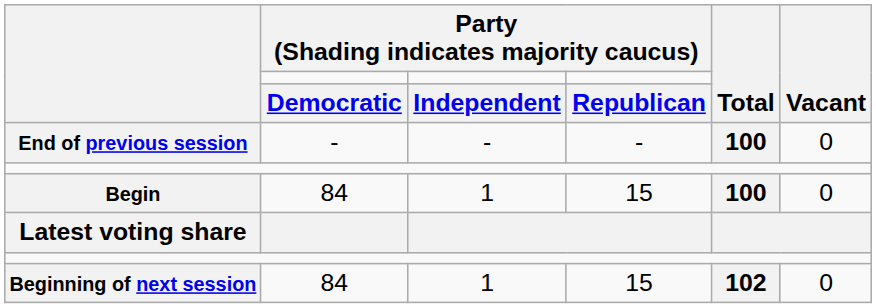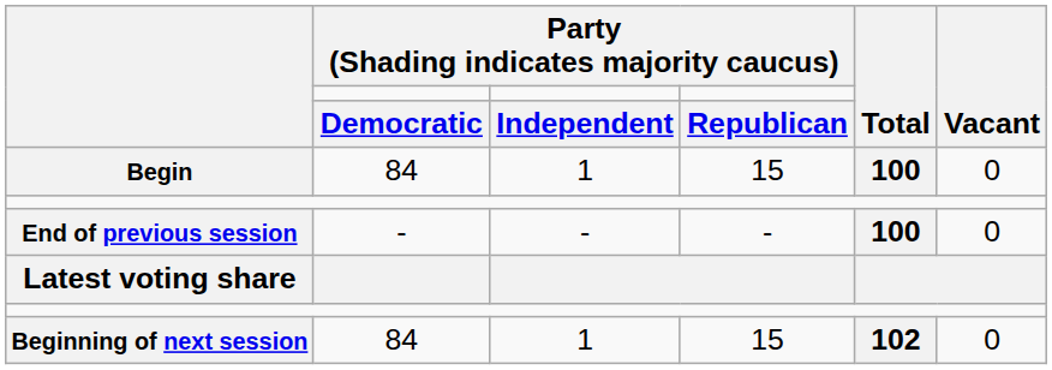 <table class=wikitable style="text-align:center">
 <tr style="vertical-align:bottom;">
 <th rowspan=3></th>
 <th colspan=3>Party <div>(Shading indicates majority caucus)</div></th>
 <th rowspan=3>Total</th>
 <th rowspan=3>Vacant</th>
 </tr>
 <tr style="height:5px">
 <td style="background-color:"></td>
 <td style="background-color:"></td>
 <td style="background-color:"></td>
 </tr>
 <tr>
 <th><a href='#'>Democratic</a></th>
 <th><a href='#'>Independent</a></th>
 <th><a href='#'>Republican</a></th>
 </tr>
 <tr>
-<th nowrap style="font-size:80%">End of <a href='#'>previous session</a></th>
-<td>-</td>
-<td>-</td>
-<td>-</td>
+<th style="font-size:80%">Begin</th>
+<td>84</td>
+<td>1</td>
+<td>15</td>
 <th>100</th>
 <td>0</td>
 </tr>
 <tr>
 <td colspan=6></td>
 </tr>
 <tr>
-<th style="font-size:80%">Begin</th>
-<td>84</td>
-<td>1</td>
-<td>15</td>
+<th nowrap style="font-size:80%">End of <a href='#'>previous session</a></th>
+<td>-</td>
+<td>-</td>
+<td>-</td>
 <th>100</th>
 <td>0</td>
 </tr>
 <tr>
 <th>Latest voting share</th>
 <th></th>
 <th colspan=2></th>
 <th colspan=2></th>
 </tr>
 <tr>
 <td colspan=6></td>
 </tr>
 <tr>
 <th style="white-space:nowrap; font-size:80%;">Beginning of <a href='#'>next session</a></th>
 <td>84</td>
 <td>1</td>
 <td>15</td>
 <th>102</th>
 <td>0</td>
 </tr>
 </table>
